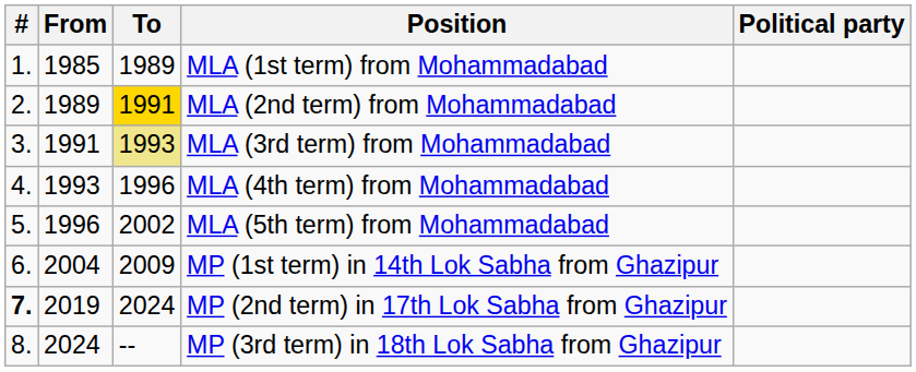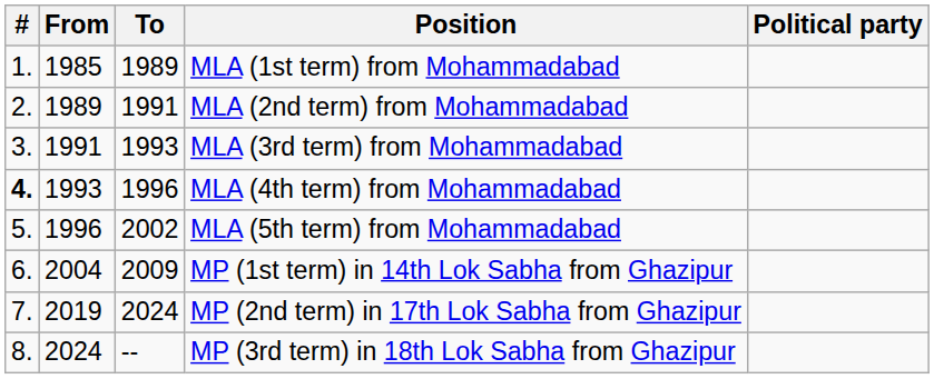 <table class="wikitable sortable">
 <tr>
 <th>#</th>
 <th>From</th>
 <th>To</th>
 <th>Position</th>
 <th colspan="2">Political party</th>
 </tr>
 <tr>
 <td>1.</td>
 <td>1985</td>
 <td>1989</td>
 <td><a href='#'>MLA</a> (1st term) from <a href='#'>Mohammadabad</a></td>
 <td></td>
 </tr>
 <tr>
 <td>2.</td>
 <td>1989</td>
-<td style="background: gold;">1991</td>
+<td>1991</td>
 <td><a href='#'>MLA</a> (2nd term) from <a href='#'>Mohammadabad</a></td>
 <td></td>
 </tr>
 <tr>
 <td>3.</td>
 <td>1991</td>
-<td style="background: khaki;">1993</td>
+<td>1993</td>
 <td><a href='#'>MLA</a> (3rd term) from <a href='#'>Mohammadabad</a></td>
 <td></td>
 </tr>
 <tr>
-<td>4.</td>
+<td><strong>4.</strong></td>
 <td>1993</td>
 <td>1996</td>
 <td><a href='#'>MLA</a> (4th term) from <a href='#'>Mohammadabad</a></td>
 <td></td>
 </tr>
 <tr>
 <td>5.</td>
 <td>1996</td>
 <td>2002</td>
 <td><a href='#'>MLA</a> (5th term) from <a href='#'>Mohammadabad</a></td>
 <td></td>
 </tr>
 <tr>
 <td>6.</td>
 <td>2004</td>
 <td>2009</td>
 <td><a href='#'>MP</a> (1st term) in <a href='#'>14th Lok Sabha</a> from <a href='#'>Ghazipur</a></td>
 <td></td>
 </tr>
 <tr>
-<td><strong>7.</strong></td>
+<td>7.</td>
 <td>2019</td>
 <td>2024</td>
 <td><a href='#'>MP</a> (2nd term) in <a href='#'>17th Lok Sabha</a> from <a href='#'>Ghazipur</a> </td>
 <td></td>
 </tr>
 <tr>
 <td>8.</td>
 <td>2024</td>
 <td>--</td>
 <td><a href='#'>MP</a> (3rd term) in <a href='#'>18th Lok Sabha</a> from <a href='#'>Ghazipur</a></td>
 <td></td>
 </tr>
 </table>
